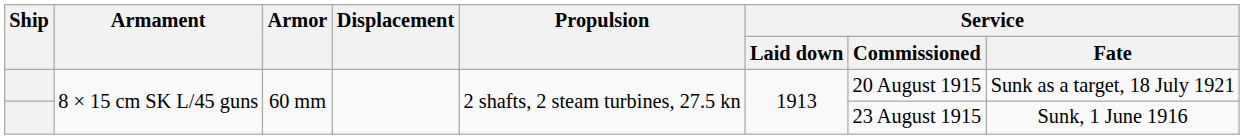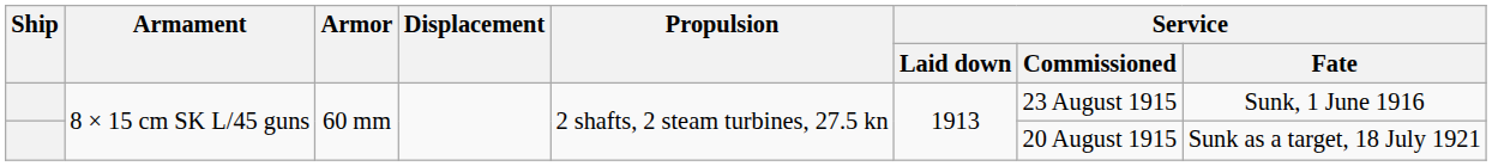 <table class="wikitable plainrowheaders" style="text-align: center;">
 <tr valign="top">
 <th scope="col" rowspan="2">Ship</th>
 <th scope="col" rowspan="2">Armament</th>
 <th scope="col" rowspan="2">Armor</th>
 <th scope="col" rowspan="2">Displacement</th>
 <th scope="col" rowspan="2">Propulsion</th>
 <th scope="col" colspan="3">Service</th>
 </tr>
 <tr valign="top">
 <th scope="col">Laid down</th>
 <th scope="col">Commissioned</th>
 <th scope="col">Fate</th>
 </tr>
 <tr valign="center">
 <th scope="row"></th>
 <td rowspan="2">8 × 15 cm SK L/45 guns</td>
 <td rowspan="2">60 mm</td>
 <td rowspan="2"></td>
 <td rowspan="2">2 shafts, 2 steam turbines, 27.5 kn</td>
 <td rowspan="2">1913</td>
+<td>23 August 1915</td>
+<td>Sunk, 1 June 1916</td>
+</tr>
+<tr valign="center">
+<th scope="row"></th>
 <td>20 August 1915</td>
 <td>Sunk as a target, 18 July 1921</td>
 </tr>
-<tr valign="center">
-<th scope="row"></th>
-<td>23 August 1915</td>
-<td>Sunk, 1 June 1916</td>
-</tr>
 </table>
